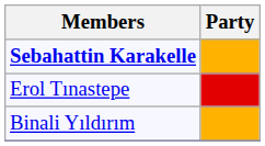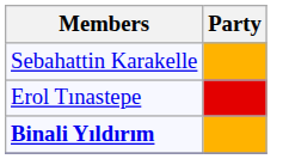 <table class=wikitable style="border:1px solid #8888aa; background-color:#f7f8ff; padding:0px; font-size:90%;">
 <tr>
 <th>Members</th>
 <th colspan="2">Party</th>
 </tr>
 <tr>
-<td><strong><a href='#'>Sebahattin Karakelle</a></strong></td>
+<td><a href='#'>Sebahattin Karakelle</a></td>
 <td style="background: #ffb300"></td>
 </tr>
 <tr>
 <td><a href='#'>Erol Tınastepe</a></td>
 <td style="background: #e30000"></td>
 </tr>
 <tr>
-<td><a href='#'>Binali Yıldırım</a></td>
+<td><strong><a href='#'>Binali Yıldırım</a></strong></td>
 <td style="background: #ffb300"></td>
 </tr>
 <tr>
 </tr>
 </table>
